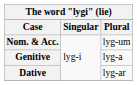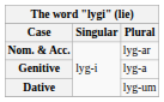 <table class="wikitable">
 <tr ---->
 <th colspan="5" align="CENTER">The word "lygi" (lie)</th>
 </tr>
 <tr ---->
 </tr>
 <tr>
 <th>Case</th>
 <th>Singular</th>
 <th>Plural</th>
 </tr>
 <tr>
 <th>Nom. & Acc.</th>
 <td rowspan="3">lyg-i</td>
-<td>lyg-um</td>
+<td>lyg-ar</td>
 </tr>
 <tr>
 <th>Genitive</th>
 <td>lyg-a</td>
 </tr>
 <tr>
 <th>Dative</th>
-<td>lyg-ar</td>
+<td>lyg-um</td>
 </tr>
 <tr>
 </tr>
 </table>
